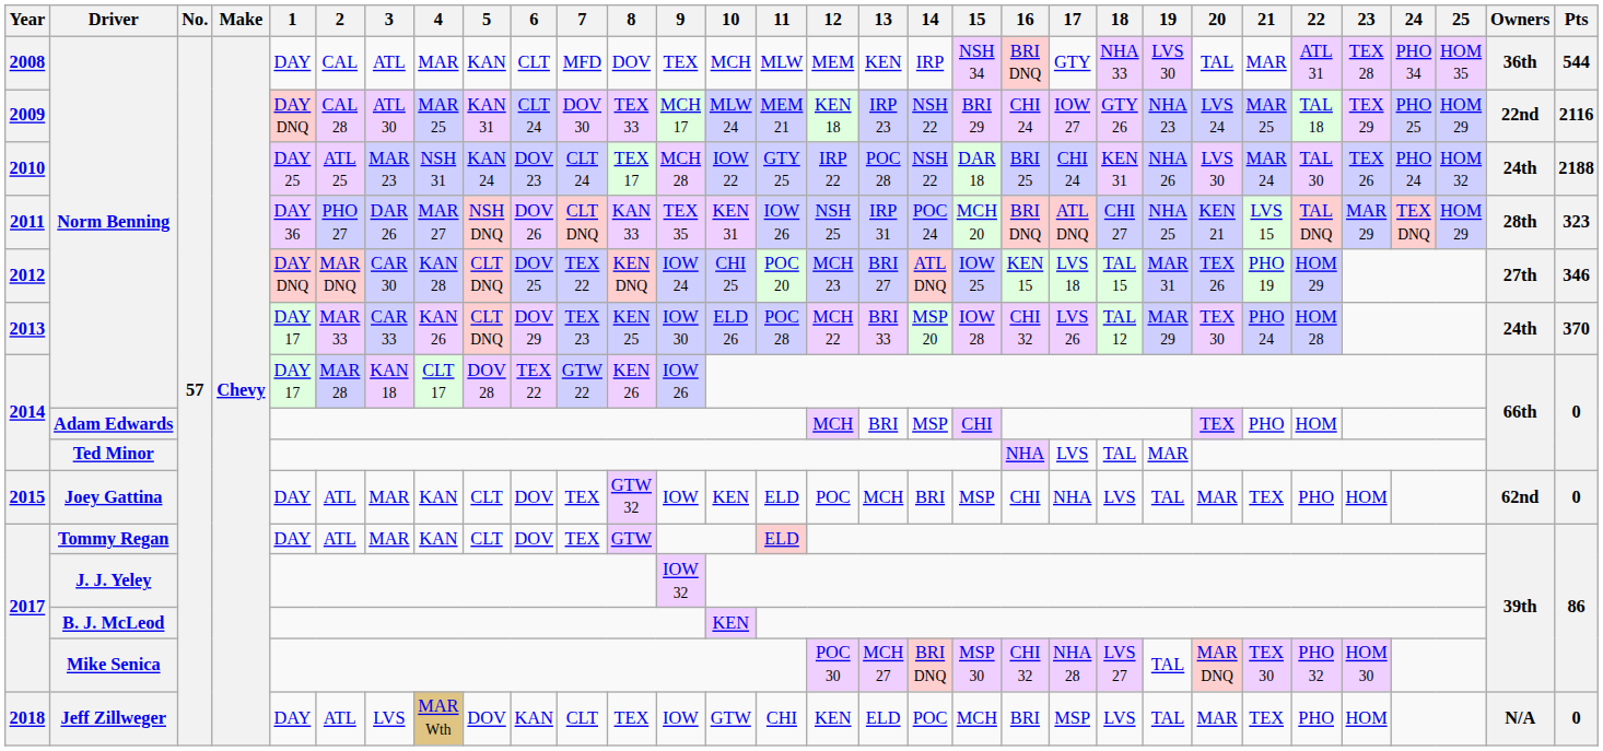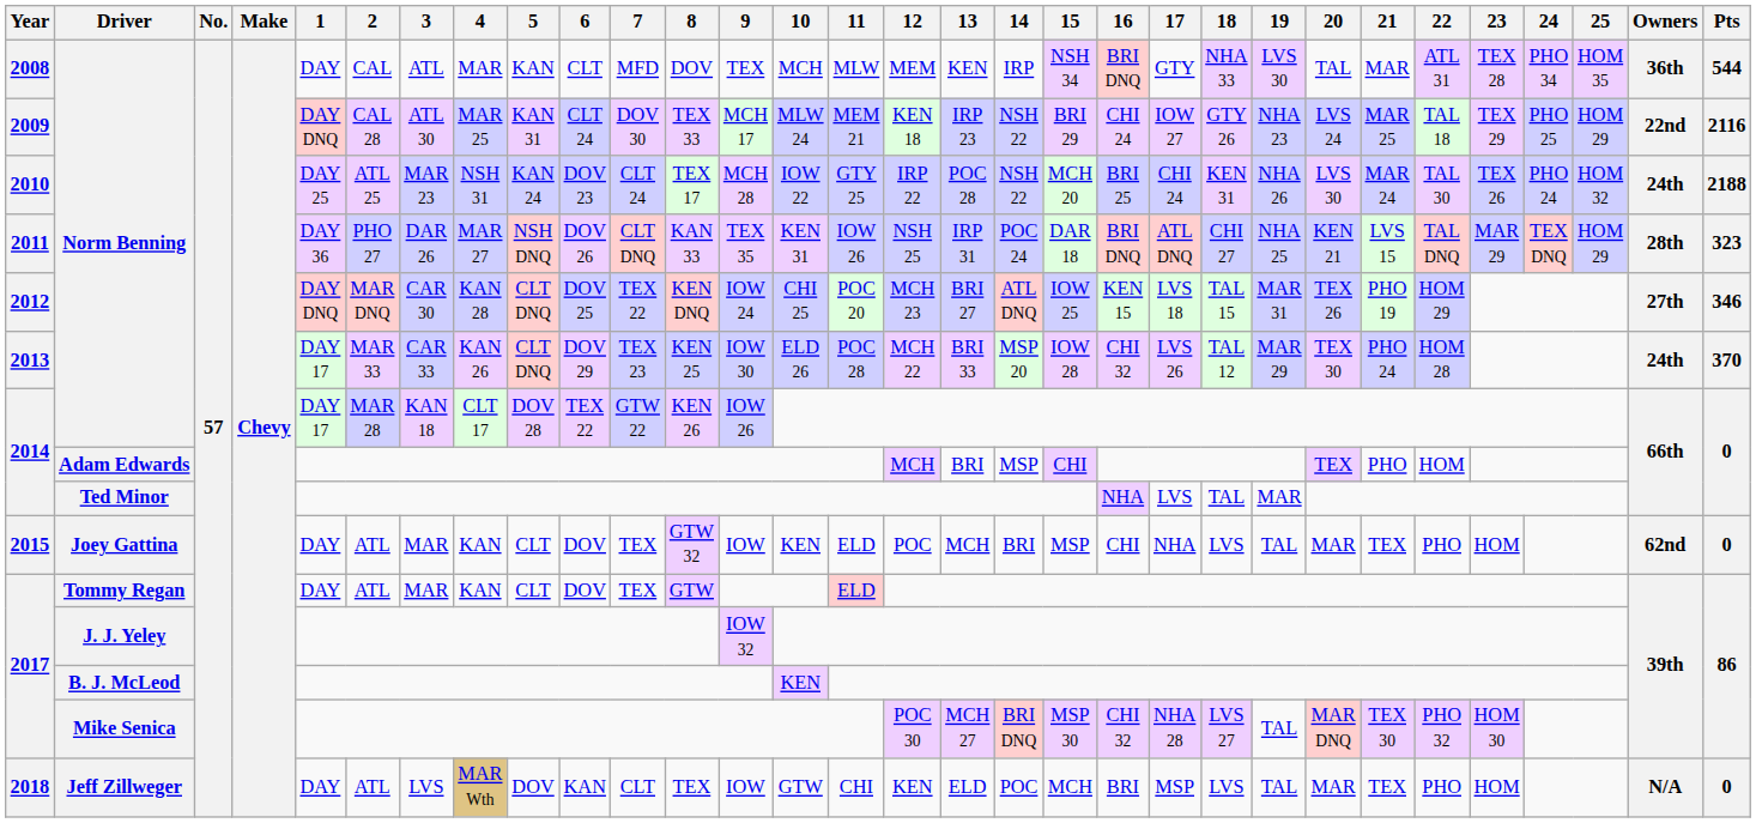 <table class="wikitable" style="text-align:center; font-size:75%">
 <tr>
 <th>Year</th>
 <th>Driver</th>
 <th>No.</th>
 <th>Make</th>
 <th>1</th>
 <th>2</th>
 <th>3</th>
 <th>4</th>
 <th>5</th>
 <th>6</th>
 <th>7</th>
 <th>8</th>
 <th>9</th>
 <th>10</th>
 <th>11</th>
 <th>12</th>
 <th>13</th>
 <th>14</th>
 <th>15</th>
 <th>16</th>
 <th>17</th>
 <th>18</th>
 <th>19</th>
 <th>20</th>
 <th>21</th>
 <th>22</th>
 <th>23</th>
 <th>24</th>
 <th>25</th>
 <th>Owners</th>
 <th>Pts</th>
 </tr>
 <tr>
 <th><a href='#'>2008</a></th>
 <th rowspan=7><a href='#'>Norm Benning</a></th>
 <th rowspan=15>57</th>
 <th rowspan=15><a href='#'>Chevy</a></th>
 <td><a href='#'>DAY</a></td>
 <td><a href='#'>CAL</a></td>
 <td><a href='#'>ATL</a></td>
 <td><a href='#'>MAR</a></td>
 <td><a href='#'>KAN</a></td>
 <td><a href='#'>CLT</a></td>
 <td><a href='#'>MFD</a></td>
 <td><a href='#'>DOV</a></td>
 <td><a href='#'>TEX</a></td>
 <td><a href='#'>MCH</a></td>
 <td><a href='#'>MLW</a></td>
 <td><a href='#'>MEM</a></td>
 <td><a href='#'>KEN</a></td>
 <td><a href='#'>IRP</a></td>
 <td style="background:#EFCFFF;"><a href='#'>NSH</a><br><small>34</small></td>
 <td style="background:#FFCFCF;"><a href='#'>BRI</a><br><small>DNQ</small></td>
 <td><a href='#'>GTY</a></td>
 <td style="background:#EFCFFF;"><a href='#'>NHA</a><br><small>33</small></td>
 <td style="background:#EFCFFF;"><a href='#'>LVS</a><br><small>30</small></td>
 <td><a href='#'>TAL</a></td>
 <td><a href='#'>MAR</a></td>
 <td style="background:#EFCFFF;"><a href='#'>ATL</a><br><small>31</small></td>
 <td style="background:#EFCFFF;"><a href='#'>TEX</a><br><small>28</small></td>
 <td style="background:#EFCFFF;"><a href='#'>PHO</a><br><small>34</small></td>
 <td style="background:#EFCFFF;"><a href='#'>HOM</a><br><small>35</small></td>
 <th>36th</th>
 <th>544</th>
 </tr>
 <tr>
 <th><a href='#'>2009</a></th>
 <td style="background:#FFCFCF;"><a href='#'>DAY</a><br><small>DNQ</small></td>
 <td style="background:#EFCFFF;"><a href='#'>CAL</a><br><small>28</small></td>
 <td style="background:#EFCFFF;"><a href='#'>ATL</a><br><small>30</small></td>
 <td style="background:#CFCFFF;"><a href='#'>MAR</a><br><small>25</small></td>
 <td style="background:#EFCFFF;"><a href='#'>KAN</a><br><small>31</small></td>
 <td style="background:#CFCFFF;"><a href='#'>CLT</a><br><small>24</small></td>
 <td style="background:#EFCFFF;"><a href='#'>DOV</a><br><small>30</small></td>
 <td style="background:#EFCFFF;"><a href='#'>TEX</a><br><small>33</small></td>
 <td style="background:#DFFFDF;"><a href='#'>MCH</a><br><small>17</small></td>
 <td style="background:#CFCFFF;"><a href='#'>MLW</a><br><small>24</small></td>
 <td style="background:#CFCFFF;"><a href='#'>MEM</a><br><small>21</small></td>
 <td style="background:#DFFFDF;"><a href='#'>KEN</a><br><small>18</small></td>
 <td style="background:#CFCFFF;"><a href='#'>IRP</a><br><small>23</small></td>
 <td style="background:#CFCFFF;"><a href='#'>NSH</a><br><small>22</small></td>
 <td style="background:#EFCFFF;"><a href='#'>BRI</a><br><small>29</small></td>
 <td style="background:#EFCFFF;"><a href='#'>CHI</a><br><small>24</small></td>
 <td style="background:#EFCFFF;"><a href='#'>IOW</a><br><small>27</small></td>
 <td style="background:#EFCFFF;"><a href='#'>GTY</a><br><small>26</small></td>
 <td style="background:#CFCFFF;"><a href='#'>NHA</a><br><small>23</small></td>
 <td style="background:#CFCFFF;"><a href='#'>LVS</a><br><small>24</small></td>
 <td style="background:#CFCFFF;"><a href='#'>MAR</a><br><small>25</small></td>
 <td style="background:#DFFFDF;"><a href='#'>TAL</a><br><small>18</small></td>
 <td style="background:#EFCFFF;"><a href='#'>TEX</a><br><small>29</small></td>
 <td style="background:#CFCFFF;"><a href='#'>PHO</a><br><small>25</small></td>
 <td style="background:#CFCFFF;"><a href='#'>HOM</a><br><small>29</small></td>
 <th>22nd</th>
 <th>2116</th>
 </tr>
 <tr>
 <th><a href='#'>2010</a></th>
 <td style="background:#EFCFFF;"><a href='#'>DAY</a><br><small>25</small></td>
 <td style="background:#EFCFFF;"><a href='#'>ATL</a><br><small>25</small></td>
 <td style="background:#CFCFFF;"><a href='#'>MAR</a><br><small>23</small></td>
 <td style="background:#CFCFFF;"><a href='#'>NSH</a><br><small>31</small></td>
 <td style="background:#CFCFFF;"><a href='#'>KAN</a><br><small>24</small></td>
 <td style="background:#CFCFFF;"><a href='#'>DOV</a><br><small>23</small></td>
 <td style="background:#CFCFFF;"><a href='#'>CLT</a><br><small>24</small></td>
 <td style="background:#DFFFDF;"><a href='#'>TEX</a><br><small>17</small></td>
 <td style="background:#EFCFFF;"><a href='#'>MCH</a><br><small>28</small></td>
 <td style="background:#CFCFFF;"><a href='#'>IOW</a><br><small>22</small></td>
 <td style="background:#CFCFFF;"><a href='#'>GTY</a><br><small>25</small></td>
 <td style="background:#CFCFFF;"><a href='#'>IRP</a><br><small>22</small></td>
 <td style="background:#CFCFFF;"><a href='#'>POC</a><br><small>28</small></td>
 <td style="background:#CFCFFF;"><a href='#'>NSH</a><br><small>22</small></td>
-<td style="background:#DFFFDF;"><a href='#'>DAR</a><br><small>18</small></td>
+<td style="background:#DFFFDF;"><a href='#'>MCH</a><br><small>20</small></td>
 <td style="background:#CFCFFF;"><a href='#'>BRI</a><br><small>25</small></td>
 <td style="background:#CFCFFF;"><a href='#'>CHI</a><br><small>24</small></td>
 <td style="background:#EFCFFF;"><a href='#'>KEN</a><br><small>31</small></td>
 <td style="background:#CFCFFF;"><a href='#'>NHA</a><br><small>26</small></td>
 <td style="background:#EFCFFF;"><a href='#'>LVS</a><br><small>30</small></td>
 <td style="background:#CFCFFF;"><a href='#'>MAR</a><br><small>24</small></td>
 <td style="background:#EFCFFF;"><a href='#'>TAL</a><br><small>30</small></td>
 <td style="background:#CFCFFF;"><a href='#'>TEX</a><br><small>26</small></td>
 <td style="background:#CFCFFF;"><a href='#'>PHO</a><br><small>24</small></td>
 <td style="background:#CFCFFF;"><a href='#'>HOM</a><br><small>32</small></td>
 <th>24th</th>
 <th>2188</th>
 </tr>
 <tr>
 <th><a href='#'>2011</a></th>
 <td style="background:#EFCFFF;"><a href='#'>DAY</a><br><small>36</small></td>
 <td style="background:#CFCFFF;"><a href='#'>PHO</a><br><small>27</small></td>
 <td style="background:#CFCFFF;"><a href='#'>DAR</a><br><small>26</small></td>
 <td style="background:#CFCFFF;"><a href='#'>MAR</a><br><small>27</small></td>
 <td style="background:#FFCFCF;"><a href='#'>NSH</a><br><small>DNQ</small></td>
 <td style="background:#EFCFFF;"><a href='#'>DOV</a><br><small>26</small></td>
 <td style="background:#FFCFCF;"><a href='#'>CLT</a><br><small>DNQ</small></td>
 <td style="background:#EFCFFF;"><a href='#'>KAN</a><br><small>33</small></td>
 <td style="background:#EFCFFF;"><a href='#'>TEX</a><br><small>35</small></td>
 <td style="background:#EFCFFF;"><a href='#'>KEN</a><br><small>31</small></td>
 <td style="background:#CFCFFF;"><a href='#'>IOW</a><br><small>26</small></td>
 <td style="background:#CFCFFF;"><a href='#'>NSH</a><br><small>25</small></td>
 <td style="background:#CFCFFF;"><a href='#'>IRP</a><br><small>31</small></td>
 <td style="background:#CFCFFF;"><a href='#'>POC</a><br><small>24</small></td>
-<td style="background:#DFFFDF;"><a href='#'>MCH</a><br><small>20</small></td>
+<td style="background:#DFFFDF;"><a href='#'>DAR</a><br><small>18</small></td>
 <td style="background:#FFCFCF;"><a href='#'>BRI</a><br><small>DNQ</small></td>
 <td style="background:#FFCFCF;"><a href='#'>ATL</a><br><small>DNQ</small></td>
 <td style="background:#CFCFFF;"><a href='#'>CHI</a><br><small>27</small></td>
 <td style="background:#CFCFFF;"><a href='#'>NHA</a><br><small>25</small></td>
 <td style="background:#CFCFFF;"><a href='#'>KEN</a><br><small>21</small></td>
 <td style="background:#DFFFDF;"><a href='#'>LVS</a><br><small>15</small></td>
 <td style="background:#FFCFCF;"><a href='#'>TAL</a><br><small>DNQ</small></td>
 <td style="background:#CFCFFF;"><a href='#'>MAR</a><br><small>29</small></td>
 <td style="background:#FFCFCF;"><a href='#'>TEX</a><br><small>DNQ</small></td>
 <td style="background:#CFCFFF;"><a href='#'>HOM</a><br><small>29</small></td>
 <th>28th</th>
 <th>323</th>
 </tr>
 <tr>
 <th><a href='#'>2012</a></th>
 <td style="background:#FFCFCF;"><a href='#'>DAY</a><br><small>DNQ</small></td>
 <td style="background:#FFCFCF;"><a href='#'>MAR</a><br><small>DNQ</small></td>
 <td style="background:#CFCFFF;"><a href='#'>CAR</a><br><small>30</small></td>
 <td style="background:#CFCFFF;"><a href='#'>KAN</a><br><small>28</small></td>
 <td style="background:#FFCFCF;"><a href='#'>CLT</a><br><small>DNQ</small></td>
 <td style="background:#CFCFFF;"><a href='#'>DOV</a><br><small>25</small></td>
 <td style="background:#CFCFFF;"><a href='#'>TEX</a><br><small>22</small></td>
 <td style="background:#FFCFCF;"><a href='#'>KEN</a><br><small>DNQ</small></td>
 <td style="background:#CFCFFF;"><a href='#'>IOW</a><br><small>24</small></td>
 <td style="background:#CFCFFF;"><a href='#'>CHI</a><br><small>25</small></td>
 <td style="background:#DFFFDF;"><a href='#'>POC</a><br><small>20</small></td>
 <td style="background:#CFCFFF;"><a href='#'>MCH</a><br><small>23</small></td>
 <td style="background:#CFCFFF;"><a href='#'>BRI</a><br><small>27</small></td>
 <td style="background:#FFCFCF;"><a href='#'>ATL</a><br><small>DNQ</small></td>
 <td style="background:#CFCFFF;"><a href='#'>IOW</a><br><small>25</small></td>
 <td style="background:#DFFFDF;"><a href='#'>KEN</a><br><small>15</small></td>
 <td style="background:#DFFFDF;"><a href='#'>LVS</a><br><small>18</small></td>
 <td style="background:#DFFFDF;"><a href='#'>TAL</a><br><small>15</small></td>
 <td style="background:#CFCFFF;"><a href='#'>MAR</a><br><small>31</small></td>
 <td style="background:#CFCFFF;"><a href='#'>TEX</a><br><small>26</small></td>
 <td style="background:#DFFFDF;"><a href='#'>PHO</a><br><small>19</small></td>
 <td style="background:#CFCFFF;"><a href='#'>HOM</a><br><small>29</small></td>
 <td colspan=3></td>
 <th>27th</th>
 <th>346</th>
 </tr>
 <tr>
 <th><a href='#'>2013</a></th>
 <td style="background:#DFFFDF;"><a href='#'>DAY</a><br><small>17</small></td>
 <td style="background:#EFCFFF;"><a href='#'>MAR</a><br><small>33</small></td>
 <td style="background:#CFCFFF;"><a href='#'>CAR</a><br><small>33</small></td>
 <td style="background:#EFCFFF;"><a href='#'>KAN</a><br><small>26</small></td>
 <td style="background:#FFCFCF;"><a href='#'>CLT</a><br><small>DNQ</small></td>
 <td style="background:#EFCFFF;"><a href='#'>DOV</a><br><small>29</small></td>
 <td style="background:#CFCFFF;"><a href='#'>TEX</a><br><small>23</small></td>
 <td style="background:#CFCFFF;"><a href='#'>KEN</a><br><small>25</small></td>
 <td style="background:#CFCFFF;"><a href='#'>IOW</a><br><small>30</small></td>
 <td style="background:#CFCFFF;"><a href='#'>ELD</a><br><small>26</small></td>
 <td style="background:#CFCFFF;"><a href='#'>POC</a><br><small>28</small></td>
 <td style="background:#EFCFFF;"><a href='#'>MCH</a><br><small>22</small></td>
 <td style="background:#EFCFFF;"><a href='#'>BRI</a><br><small>33</small></td>
 <td style="background:#DFFFDF;"><a href='#'>MSP</a><br><small>20</small></td>
 <td style="background:#EFCFFF;"><a href='#'>IOW</a><br><small>28</small></td>
 <td style="background:#EFCFFF;"><a href='#'>CHI</a><br><small>32</small></td>
 <td style="background:#EFCFFF;"><a href='#'>LVS</a><br><small>26</small></td>
 <td style="background:#DFFFDF;"><a href='#'>TAL</a><br><small>12</small></td>
 <td style="background:#CFCFFF;"><a href='#'>MAR</a><br><small>29</small></td>
 <td style="background:#EFCFFF;"><a href='#'>TEX</a><br><small>30</small></td>
 <td style="background:#CFCFFF;"><a href='#'>PHO</a><br><small>24</small></td>
 <td style="background:#CFCFFF;"><a href='#'>HOM</a><br><small>28</small></td>
 <td colspan=3></td>
 <th>24th</th>
 <th>370</th>
 </tr>
 <tr>
 <th rowspan=3><a href='#'>2014</a></th>
 <td style="background:#DFFFDF;"><a href='#'>DAY</a><br><small>17</small></td>
 <td style="background:#CFCFFF;"><a href='#'>MAR</a><br><small>28</small></td>
 <td style="background:#EFCFFF;"><a href='#'>KAN</a><br><small>18</small></td>
 <td style="background:#DFFFDF;"><a href='#'>CLT</a><br><small>17</small></td>
 <td style="background:#EFCFFF;"><a href='#'>DOV</a><br><small>28</small></td>
 <td style="background:#EFCFFF;"><a href='#'>TEX</a><br><small>22</small></td>
 <td style="background:#CFCFFF;"><a href='#'>GTW</a><br><small>22</small></td>
 <td style="background:#EFCFFF;"><a href='#'>KEN</a><br><small>26</small></td>
 <td style="background:#CFCFFF;"><a href='#'>IOW</a><br><small>26</small></td>
 <td colspan=16></td>
 <th rowspan=3>66th</th>
 <th rowspan=3>0</th>
 </tr>
 <tr>
 <th><a href='#'>Adam Edwards</a></th>
 <td colspan=11></td>
 <td style="background:#EFCFFF;"><a href='#'>MCH</a><br></td>
 <td><a href='#'>BRI</a></td>
 <td><a href='#'>MSP</a></td>
 <td style="background:#EFCFFF;"><a href='#'>CHI</a><br></td>
 <td colspan=4></td>
 <td style="background:#EFCFFF;"><a href='#'>TEX</a><br></td>
 <td><a href='#'>PHO</a></td>
 <td><a href='#'>HOM</a></td>
 <td colspan=3></td>
 </tr>
 <tr>
 <th><a href='#'>Ted Minor</a></th>
 <td colspan=15></td>
 <td style="background:#EFCFFF;"><a href='#'>NHA</a><br></td>
 <td><a href='#'>LVS</a></td>
 <td><a href='#'>TAL</a></td>
 <td><a href='#'>MAR</a></td>
 <td colspan=6></td>
 </tr>
 <tr>
 <th><a href='#'>2015</a></th>
 <th><a href='#'>Joey Gattina</a></th>
 <td><a href='#'>DAY</a></td>
 <td><a href='#'>ATL</a></td>
 <td><a href='#'>MAR</a></td>
 <td><a href='#'>KAN</a></td>
 <td><a href='#'>CLT</a></td>
 <td><a href='#'>DOV</a></td>
 <td><a href='#'>TEX</a></td>
 <td style="background:#EFCFFF;"><a href='#'>GTW</a><br><small>32</small></td>
 <td><a href='#'>IOW</a></td>
 <td><a href='#'>KEN</a></td>
 <td><a href='#'>ELD</a></td>
 <td><a href='#'>POC</a></td>
 <td><a href='#'>MCH</a></td>
 <td><a href='#'>BRI</a></td>
 <td><a href='#'>MSP</a></td>
 <td><a href='#'>CHI</a></td>
 <td><a href='#'>NHA</a></td>
 <td><a href='#'>LVS</a></td>
 <td><a href='#'>TAL</a></td>
 <td><a href='#'>MAR</a></td>
 <td><a href='#'>TEX</a></td>
 <td><a href='#'>PHO</a></td>
 <td><a href='#'>HOM</a></td>
 <td colspan=2></td>
 <th>62nd</th>
 <th>0</th>
 </tr>
 <tr>
 <th rowspan=4><a href='#'>2017</a></th>
 <th><a href='#'>Tommy Regan</a></th>
 <td><a href='#'>DAY</a></td>
 <td><a href='#'>ATL</a></td>
 <td><a href='#'>MAR</a></td>
 <td><a href='#'>KAN</a></td>
 <td><a href='#'>CLT</a></td>
 <td><a href='#'>DOV</a></td>
 <td><a href='#'>TEX</a></td>
 <td style="background:#EFCFFF;"><a href='#'>GTW</a><br></td>
 <td colspan=2></td>
 <td style="background:#FFCFCF;"><a href='#'>ELD</a><br></td>
 <td colspan=14></td>
 <th rowspan=4>39th</th>
 <th rowspan=4>86</th>
 </tr>
 <tr>
 <th><a href='#'>J. J. Yeley</a></th>
 <td colspan=8></td>
 <td style="background:#EFCFFF;"><a href='#'>IOW</a><br><small>32</small></td>
 <td colspan=16></td>
 </tr>
 <tr>
 <th><a href='#'>B. J. McLeod</a></th>
 <td colspan=9></td>
 <td style="background:#EFCFFF;"><a href='#'>KEN</a><br></td>
 <td colspan=15></td>
 </tr>
 <tr>
 <th><a href='#'>Mike Senica</a></th>
 <td colspan=11></td>
 <td style="background:#EFCFFF;"><a href='#'>POC</a><br><small>30</small></td>
 <td style="background:#EFCFFF;"><a href='#'>MCH</a><br><small>27</small></td>
 <td style="background:#FFCFCF;"><a href='#'>BRI</a><br><small>DNQ</small></td>
 <td style="background:#EFCFFF;"><a href='#'>MSP</a><br><small>30</small></td>
 <td style="background:#EFCFFF;"><a href='#'>CHI</a><br><small>32</small></td>
 <td style="background:#EFCFFF;"><a href='#'>NHA</a><br><small>28</small></td>
 <td style="background:#EFCFFF;"><a href='#'>LVS</a><br><small>27</small></td>
 <td><a href='#'>TAL</a></td>
 <td style="background:#FFCFCF;"><a href='#'>MAR</a><br><small>DNQ</small></td>
 <td style="background:#EFCFFF;"><a href='#'>TEX</a><br><small>30</small></td>
 <td style="background:#EFCFFF;"><a href='#'>PHO</a><br><small>32</small></td>
 <td style="background:#EFCFFF;"><a href='#'>HOM</a><br><small>30</small></td>
 <td colspan=2></td>
 </tr>
 <tr>
 <th><a href='#'>2018</a></th>
 <th><a href='#'>Jeff Zillweger</a></th>
 <td><a href='#'>DAY</a></td>
 <td><a href='#'>ATL</a></td>
 <td><a href='#'>LVS</a></td>
 <td style="background:#DFC484;"><a href='#'>MAR</a><br><small>Wth</small></td>
 <td><a href='#'>DOV</a></td>
 <td><a href='#'>KAN</a></td>
 <td><a href='#'>CLT</a></td>
 <td><a href='#'>TEX</a></td>
 <td><a href='#'>IOW</a></td>
 <td><a href='#'>GTW</a></td>
 <td><a href='#'>CHI</a></td>
 <td><a href='#'>KEN</a></td>
 <td><a href='#'>ELD</a></td>
 <td><a href='#'>POC</a></td>
 <td><a href='#'>MCH</a></td>
 <td><a href='#'>BRI</a></td>
 <td><a href='#'>MSP</a></td>
 <td><a href='#'>LVS</a></td>
 <td><a href='#'>TAL</a></td>
 <td><a href='#'>MAR</a></td>
 <td><a href='#'>TEX</a></td>
 <td><a href='#'>PHO</a></td>
 <td><a href='#'>HOM</a></td>
 <td colspan=2></td>
 <th>N/A</th>
 <th>0</th>
 </tr>
 </table>
